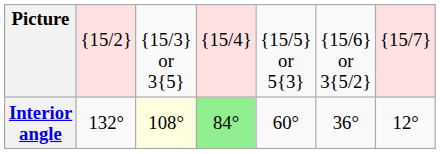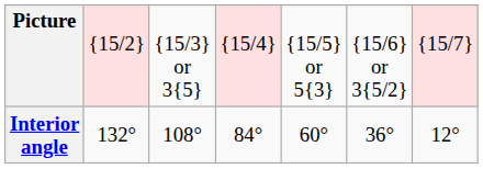 <table class=wikitable width=360>
 <tr align=center valign=top>
 <th>Picture</th>
 <td BGCOLOR="#ffe0e0"><br>{15/2}<br></td>
 <td><br>{15/3} or 3{5}</td>
 <td BGCOLOR="#ffe0e0"><br>{15/4}<br></td>
 <td><br>{15/5} or 5{3}</td>
 <td><br>{15/6} or 3{5/2}</td>
 <td BGCOLOR="#ffe0e0"><br>{15/7}<br></td>
 </tr>
 <tr align=center>
 <th><a href='#'>Interior angle</a></th>
 <td>132°</td>
-<td style="background: lightyellow;">108°</td>
-<td style="background: lightgreen;">84°</td>
+<td>108°</td>
+<td>84°</td>
 <td>60°</td>
 <td>36°</td>
 <td>12°</td>
 </tr>
 </table>
